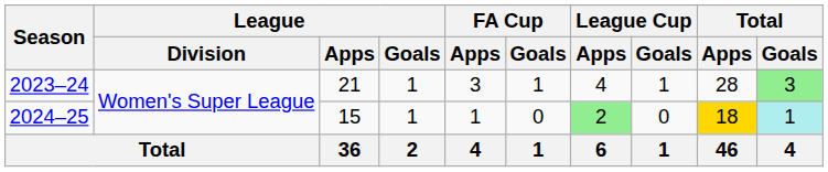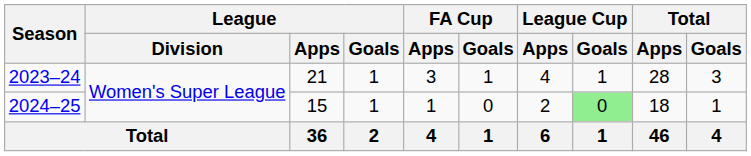 <table class="wikitable" style="text-align: center;">
 <tr>
 <th rowspan="2">Season</th>
 <th colspan="3">League</th>
 <th colspan="2">FA Cup</th>
 <th colspan="2">League Cup</th>
 <th colspan="2">Total</th>
 </tr>
 <tr>
 <th>Division</th>
 <th>Apps</th>
 <th>Goals</th>
 <th>Apps</th>
 <th>Goals</th>
 <th>Apps</th>
 <th>Goals</th>
 <th>Apps</th>
 <th>Goals</th>
 </tr>
 <tr>
 <td><a href='#'>2023–24</a></td>
 <td rowspan="2"><a href='#'>Women's Super League</a></td>
 <td>21</td>
 <td>1</td>
 <td>3</td>
 <td>1</td>
 <td>4</td>
 <td>1</td>
 <td>28</td>
-<td style="background: lightgreen;">3</td>
+<td>3</td>
 </tr>
 <tr>
 <td><a href='#'>2024–25</a></td>
 <td>15</td>
 <td>1</td>
 <td>1</td>
 <td>0</td>
-<td style="background: lightgreen;">2</td>
-<td>0</td>
-<td style="background: gold;">18</td>
-<td style="background: paleturquoise;">1</td>
+<td>2</td>
+<td style="background: lightgreen;">0</td>
+<td>18</td>
+<td>1</td>
 </tr>
 <tr>
 <th colspan="2">Total</th>
 <th>36</th>
 <th>2</th>
 <th>4</th>
 <th>1</th>
 <th>6</th>
 <th>1</th>
 <th>46</th>
 <th>4</th>
 </tr>
 </table>
